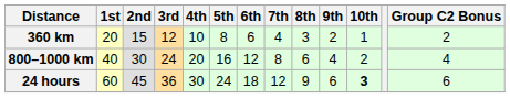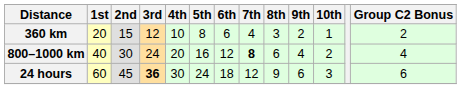 <table class="wikitable" style="font-size: 85%; text-align:center">
 <tr>
 </tr>
 <tr>
 <th>Distance</th>
 <th>1st</th>
 <th>2nd</th>
 <th>3rd</th>
 <th>4th</th>
 <th>5th</th>
 <th>6th</th>
 <th>7th</th>
 <th>8th</th>
 <th>9th</th>
 <th>10th</th>
 <th rowspan=4></th>
 <th>Group C2 Bonus</th>
 </tr>
 <tr>
 <th>360 km</th>
 <td style="background:#FFFFBF;">20</td>
 <td style="background:#DFDFDF;">15</td>
 <td style="background:#FFDF9F;">12</td>
 <td style="background:#DFFFDF;">10</td>
 <td style="background:#DFFFDF;">8</td>
 <td style="background:#DFFFDF;">6</td>
 <td style="background:#DFFFDF;">4</td>
 <td style="background:#DFFFDF;">3</td>
 <td style="background:#DFFFDF;">2</td>
 <td style="background:#DFFFDF;">1</td>
 <td style="background:#DFFFDF;">2</td>
 </tr>
 <tr>
 <th>800–1000 km</th>
 <td style="background:#FFFFBF;">40</td>
 <td style="background:#DFDFDF;">30</td>
 <td style="background:#FFDF9F;">24</td>
 <td style="background:#DFFFDF;">20</td>
 <td style="background:#DFFFDF;">16</td>
 <td style="background:#DFFFDF;">12</td>
-<td style="background:#DFFFDF;">8</td>
+<td style="background:#DFFFDF;"><strong>8</strong></td>
 <td style="background:#DFFFDF;">6</td>
 <td style="background:#DFFFDF;">4</td>
 <td style="background:#DFFFDF;">2</td>
 <td style="background:#DFFFDF;">4</td>
 </tr>
 <tr>
 <th>24 hours</th>
 <td style="background:#FFFFBF;">60</td>
 <td style="background:#DFDFDF;">45</td>
-<td style="background:#FFDF9F;">36</td>
+<td style="background:#FFDF9F;"><strong>36</strong></td>
 <td style="background:#DFFFDF;">30</td>
 <td style="background:#DFFFDF;">24</td>
 <td style="background:#DFFFDF;">18</td>
 <td style="background:#DFFFDF;">12</td>
 <td style="background:#DFFFDF;">9</td>
 <td style="background:#DFFFDF;">6</td>
-<td style="background:#DFFFDF;"><strong>3</strong></td>
+<td style="background:#DFFFDF;">3</td>
 <td style="background:#DFFFDF;">6</td>
 </tr>
 <tr>
 </tr>
 </table>
